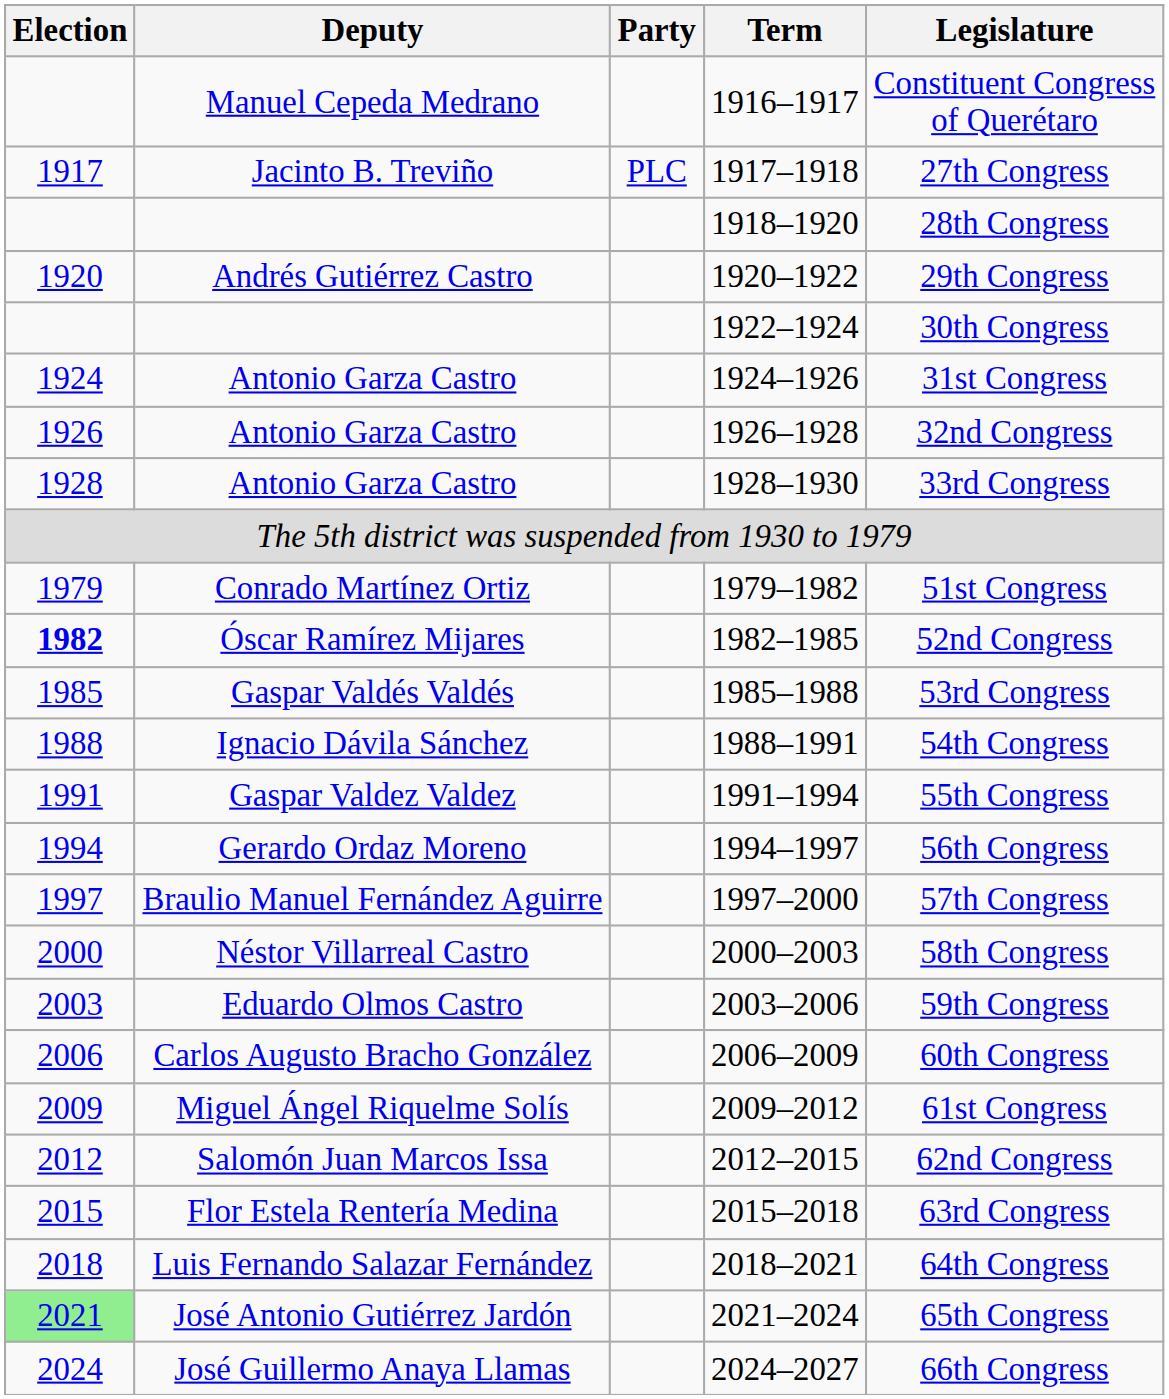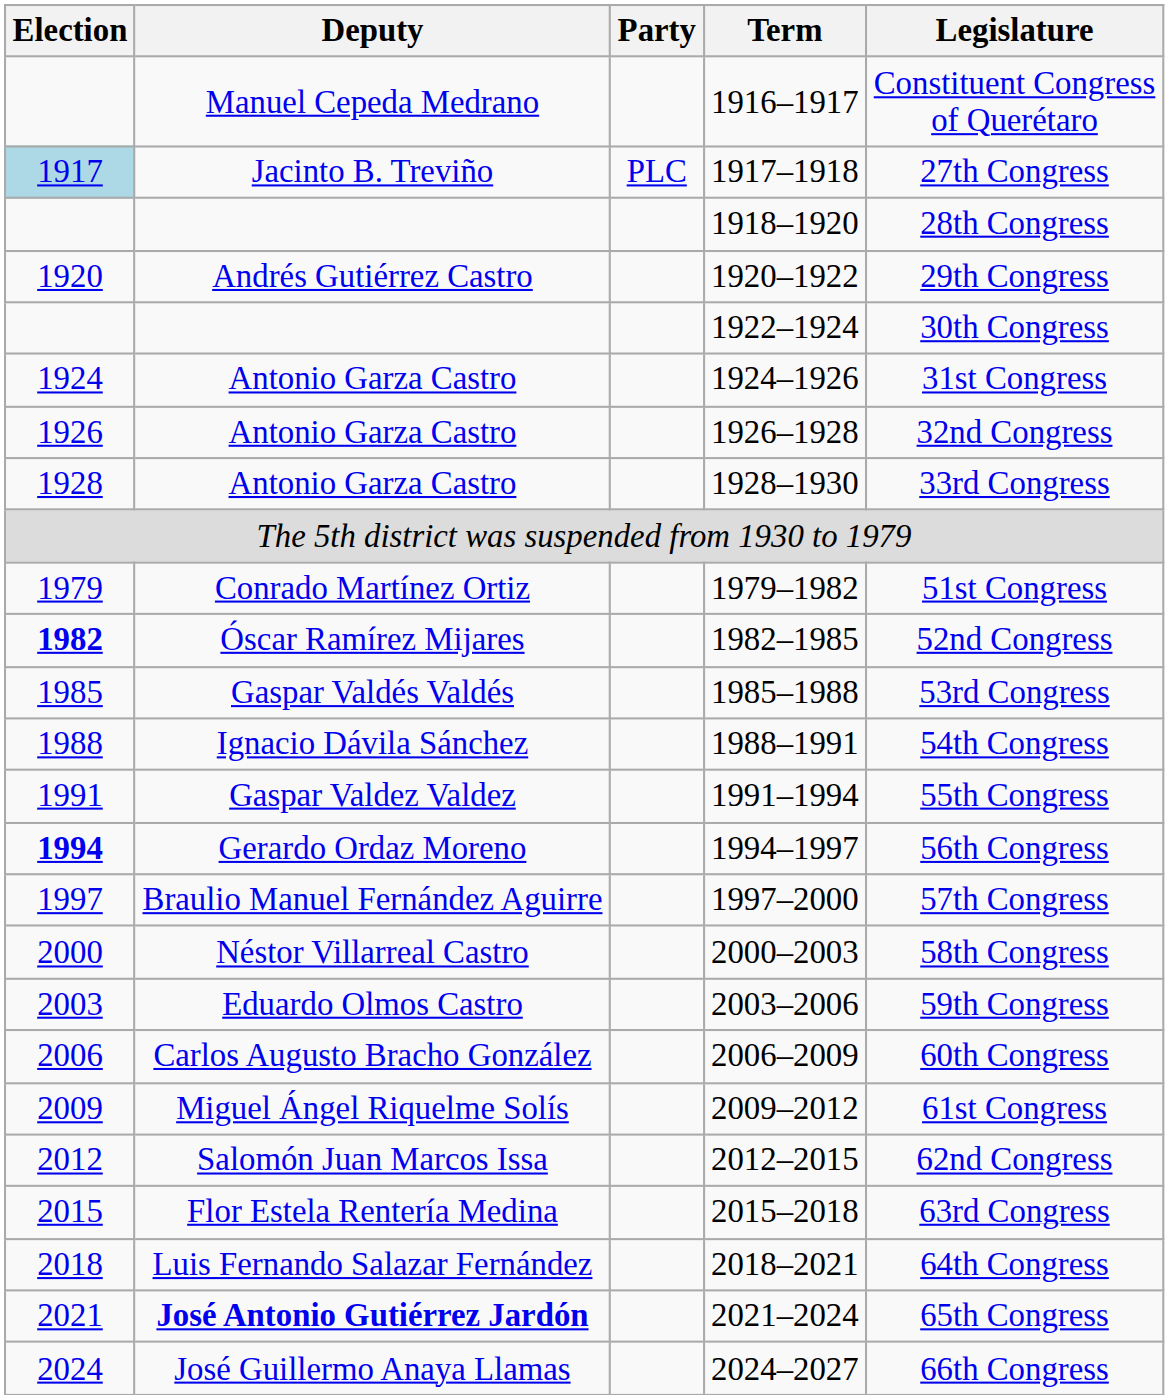 <table class="wikitable sortable" style="text-align: center">
 <tr>
 <th>Election</th>
 <th class="unsortable">Deputy</th>
 <th class="unsortable">Party</th>
 <th class="unsortable">Term</th>
 <th class="unsortable">Legislature</th>
 </tr>
 <tr>
 <td></td>
 <td><a href='#'>Manuel Cepeda Medrano</a></td>
 <td></td>
 <td>1916–1917</td>
 <td><a href='#'>Constituent Congress<br>of Querétaro</a></td>
 </tr>
 <tr>
-<td><a href='#'>1917</a></td>
+<td style="background: lightblue;"><a href='#'>1917</a></td>
 <td><a href='#'>Jacinto B. Treviño</a></td>
 <td><a href='#'>PLC</a></td>
 <td>1917–1918</td>
 <td><a href='#'>27th Congress</a></td>
 </tr>
 <tr>
 <td></td>
 <td></td>
 <td></td>
 <td>1918–1920</td>
 <td><a href='#'>28th Congress</a></td>
 </tr>
 <tr>
 <td><a href='#'>1920</a></td>
 <td><a href='#'>Andrés Gutiérrez Castro</a></td>
 <td></td>
 <td>1920–1922</td>
 <td><a href='#'>29th Congress</a></td>
 </tr>
 <tr>
 <td></td>
 <td></td>
 <td></td>
 <td>1922–1924</td>
 <td><a href='#'>30th Congress</a></td>
 </tr>
 <tr>
 <td><a href='#'>1924</a></td>
 <td><a href='#'>Antonio Garza Castro</a></td>
 <td></td>
 <td>1924–1926</td>
 <td><a href='#'>31st Congress</a></td>
 </tr>
 <tr>
 <td><a href='#'>1926</a></td>
 <td><a href='#'>Antonio Garza Castro</a></td>
 <td></td>
 <td>1926–1928</td>
 <td><a href='#'>32nd Congress</a></td>
 </tr>
 <tr>
 <td><a href='#'>1928</a></td>
 <td><a href='#'>Antonio Garza Castro</a></td>
 <td></td>
 <td>1928–1930</td>
 <td><a href='#'>33rd Congress</a></td>
 </tr>
 <tr align=center style="background:Gainsboro;">
 <td colspan=5> <em>The 5th district was suspended from 1930 to 1979</em></td>
 </tr>
 <tr>
 <td><a href='#'>1979</a></td>
 <td><a href='#'>Conrado Martínez Ortiz</a></td>
 <td></td>
 <td>1979–1982</td>
 <td><a href='#'>51st Congress</a></td>
 </tr>
 <tr>
 <td><strong><a href='#'>1982</a></strong></td>
 <td><a href='#'>Óscar Ramírez Mijares</a></td>
 <td></td>
 <td>1982–1985</td>
 <td><a href='#'>52nd Congress</a></td>
 </tr>
 <tr>
 <td><a href='#'>1985</a></td>
 <td><a href='#'>Gaspar Valdés Valdés</a></td>
 <td></td>
 <td>1985–1988</td>
 <td><a href='#'>53rd Congress</a></td>
 </tr>
 <tr>
 <td><a href='#'>1988</a></td>
 <td><a href='#'>Ignacio Dávila Sánchez</a></td>
 <td></td>
 <td>1988–1991</td>
 <td><a href='#'>54th Congress</a></td>
 </tr>
 <tr>
 <td><a href='#'>1991</a></td>
 <td><a href='#'>Gaspar Valdez Valdez</a></td>
 <td></td>
 <td>1991–1994</td>
 <td><a href='#'>55th Congress</a></td>
 </tr>
 <tr>
-<td><a href='#'>1994</a></td>
+<td><strong><a href='#'>1994</a></strong></td>
 <td><a href='#'>Gerardo Ordaz Moreno</a></td>
 <td></td>
 <td>1994–1997</td>
 <td><a href='#'>56th Congress</a></td>
 </tr>
 <tr>
 <td><a href='#'>1997</a></td>
 <td><a href='#'>Braulio Manuel Fernández Aguirre</a></td>
 <td></td>
 <td>1997–2000</td>
 <td><a href='#'>57th Congress</a></td>
 </tr>
 <tr>
 <td><a href='#'>2000</a></td>
 <td><a href='#'>Néstor Villarreal Castro</a></td>
 <td></td>
 <td>2000–2003</td>
 <td><a href='#'>58th Congress</a></td>
 </tr>
 <tr>
 <td><a href='#'>2003</a></td>
 <td><a href='#'>Eduardo Olmos Castro</a></td>
 <td></td>
 <td>2003–2006</td>
 <td><a href='#'>59th Congress</a></td>
 </tr>
 <tr>
 <td><a href='#'>2006</a></td>
 <td><a href='#'>Carlos Augusto Bracho González</a></td>
 <td></td>
 <td>2006–2009</td>
 <td><a href='#'>60th Congress</a></td>
 </tr>
 <tr>
 <td><a href='#'>2009</a></td>
 <td><a href='#'>Miguel Ángel Riquelme Solís</a></td>
 <td></td>
 <td>2009–2012</td>
 <td><a href='#'>61st Congress</a></td>
 </tr>
 <tr>
 <td><a href='#'>2012</a></td>
 <td><a href='#'>Salomón Juan Marcos Issa</a></td>
 <td></td>
 <td>2012–2015</td>
 <td><a href='#'>62nd Congress</a></td>
 </tr>
 <tr>
 <td><a href='#'>2015</a></td>
 <td><a href='#'>Flor Estela Rentería Medina</a></td>
 <td></td>
 <td>2015–2018</td>
 <td><a href='#'>63rd Congress</a></td>
 </tr>
 <tr>
 <td><a href='#'>2018</a></td>
 <td><a href='#'>Luis Fernando Salazar Fernández</a></td>
 <td> </td>
 <td>2018–2021</td>
 <td><a href='#'>64th Congress</a></td>
 </tr>
 <tr>
-<td style="background: lightgreen;"><a href='#'>2021</a></td>
-<td><a href='#'>José Antonio Gutiérrez Jardón</a></td>
+<td><a href='#'>2021</a></td>
+<td><strong><a href='#'>José Antonio Gutiérrez Jardón</a></strong></td>
 <td></td>
 <td>2021–2024</td>
 <td><a href='#'>65th Congress</a></td>
 </tr>
 <tr>
 <td><a href='#'>2024</a></td>
 <td><a href='#'>José Guillermo Anaya Llamas</a></td>
 <td></td>
 <td>2024–2027</td>
 <td><a href='#'>66th Congress</a></td>
 </tr>
 </table>
